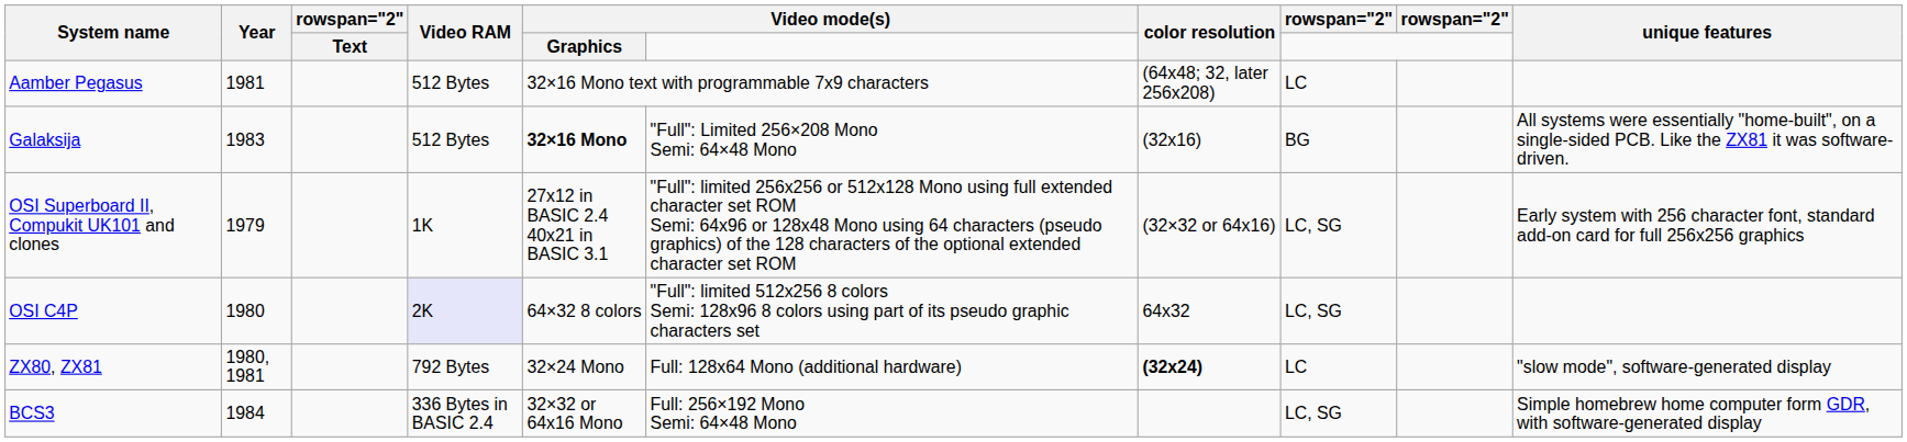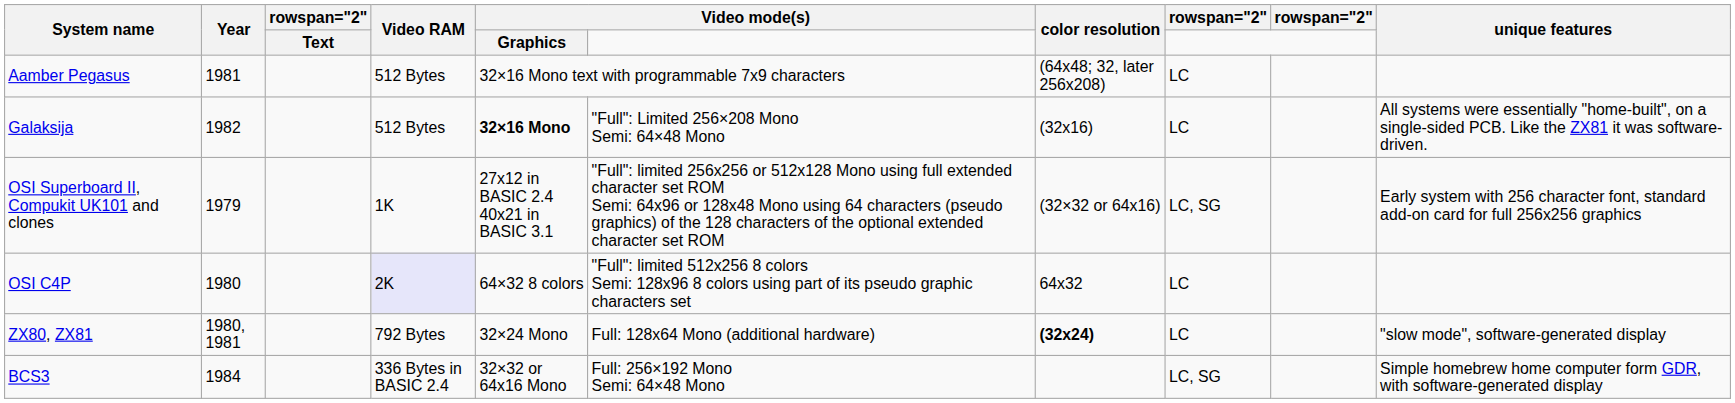 <table class="wikitable" style="font-size: 90%;">
 <tr>
 <th rowspan="2">System name</th>
 <th rowspan="2">Year</th>
 <th>rowspan="2" </th>
 <th rowspan="2">Video RAM</th>
 <th colspan="2">Video mode(s)</th>
 <th rowspan="2">color resolution</th>
 <th>rowspan="2" </th>
 <th>rowspan="2" </th>
 <th rowspan="2">unique features</th>
 </tr>
 <tr>
 <th>Text</th>
 <th>Graphics</th>
 </tr>
 <tr>
 <td><a href='#'>Aamber Pegasus</a></td>
 <td>1981</td>
 <td></td>
 <td>512 Bytes</td>
 <td colspan="2">32×16 Mono text with programmable 7x9 characters</td>
 <td>(64x48; 32, later 256x208)</td>
 <td>LC</td>
 <td></td>
 <td></td>
 </tr>
 <tr>
 <td><a href='#'>Galaksija</a></td>
-<td>1983</td>
+<td>1982</td>
 <td></td>
 <td>512 Bytes</td>
 <td><strong>32×16 Mono</strong></td>
 <td>"Full": Limited 256×208 Mono<br>Semi: 64×48 Mono</td>
 <td>(32x16)</td>
-<td>BG</td>
+<td>LC</td>
 <td></td>
 <td>All systems were essentially "home-built", on a single-sided PCB. Like the <a href='#'>ZX81</a> it was software-driven.</td>
 </tr>
 <tr>
 <td><a href='#'>OSI Superboard II</a>, <a href='#'>Compukit UK101</a> and clones</td>
 <td>1979</td>
 <td></td>
 <td>1K</td>
 <td>27x12  in BASIC 2.4<br>40x21  in BASIC 3.1</td>
 <td>"Full": limited 256x256 or 512x128 Mono using full extended character set ROM<br>Semi: 64x96 or 128x48 Mono using 64 characters (pseudo graphics) of the 128 characters of the optional extended character set ROM</td>
 <td>(32×32 or 64x16)</td>
 <td>LC, SG</td>
 <td></td>
 <td>Early system with 256 character font, standard add-on card for full 256x256 graphics</td>
 </tr>
 <tr>
 <td><a href='#'>OSI C4P</a></td>
 <td>1980</td>
 <td></td>
 <td style="background: lavender;">2K</td>
 <td>64×32 8 colors</td>
 <td>"Full": limited 512x256 8 colors<br>Semi: 128x96 8 colors using part of its pseudo graphic characters set</td>
 <td>64x32</td>
-<td>LC, SG</td>
+<td>LC</td>
 <td></td>
 <td></td>
 </tr>
 <tr>
 <td><a href='#'>ZX80</a>, <a href='#'>ZX81</a></td>
 <td>1980, 1981</td>
 <td></td>
 <td>792 Bytes</td>
 <td>32×24 Mono</td>
 <td>Full: 128x64  Mono (additional hardware)</td>
 <td><strong>(32x24)</strong></td>
 <td>LC</td>
 <td></td>
 <td>"slow mode", software-generated display</td>
 </tr>
 <tr>
 <td><a href='#'> BCS3 </a></td>
 <td>1984</td>
 <td></td>
 <td>336 Bytes in BASIC 2.4</td>
 <td>32×32 or 64x16 Mono</td>
 <td>Full: 256×192 Mono<br>Semi: 64×48 Mono</td>
 <td></td>
 <td>LC, SG</td>
 <td></td>
 <td>Simple homebrew home computer form <a href='#'>GDR</a>, with software-generated display</td>
 </tr>
 </table>
